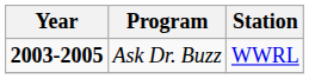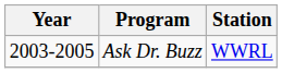 <table class="wikitable">
 <tr>
 <th>Year</th>
 <th>Program</th>
 <th>Station</th>
 </tr>
 <tr>
-<td><strong>2003-2005</strong></td>
+<td>2003-2005</td>
 <td><em>Ask Dr. Buzz</em></td>
 <td><a href='#'>WWRL</a></td>
 </tr>
 <tr>
 </tr>
 </table>
